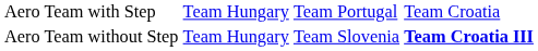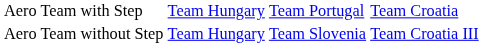 <table>
 <tr>
 <td>Aero Team with Step<br></td>
 <td><a href='#'>Team Hungary</a> </td>
 <td><a href='#'>Team Portugal</a> </td>
 <td><a href='#'>Team Croatia</a> </td>
 </tr>
 <tr>
 <td>Aero Team without Step<br></td>
 <td><a href='#'>Team Hungary</a> </td>
 <td><a href='#'>Team Slovenia</a> </td>
-<td><strong><a href='#'>Team Croatia III</a> </strong></td>
+<td><a href='#'>Team Croatia III</a> </td>
 </tr>
 <tr>
 </tr>
 </table>
